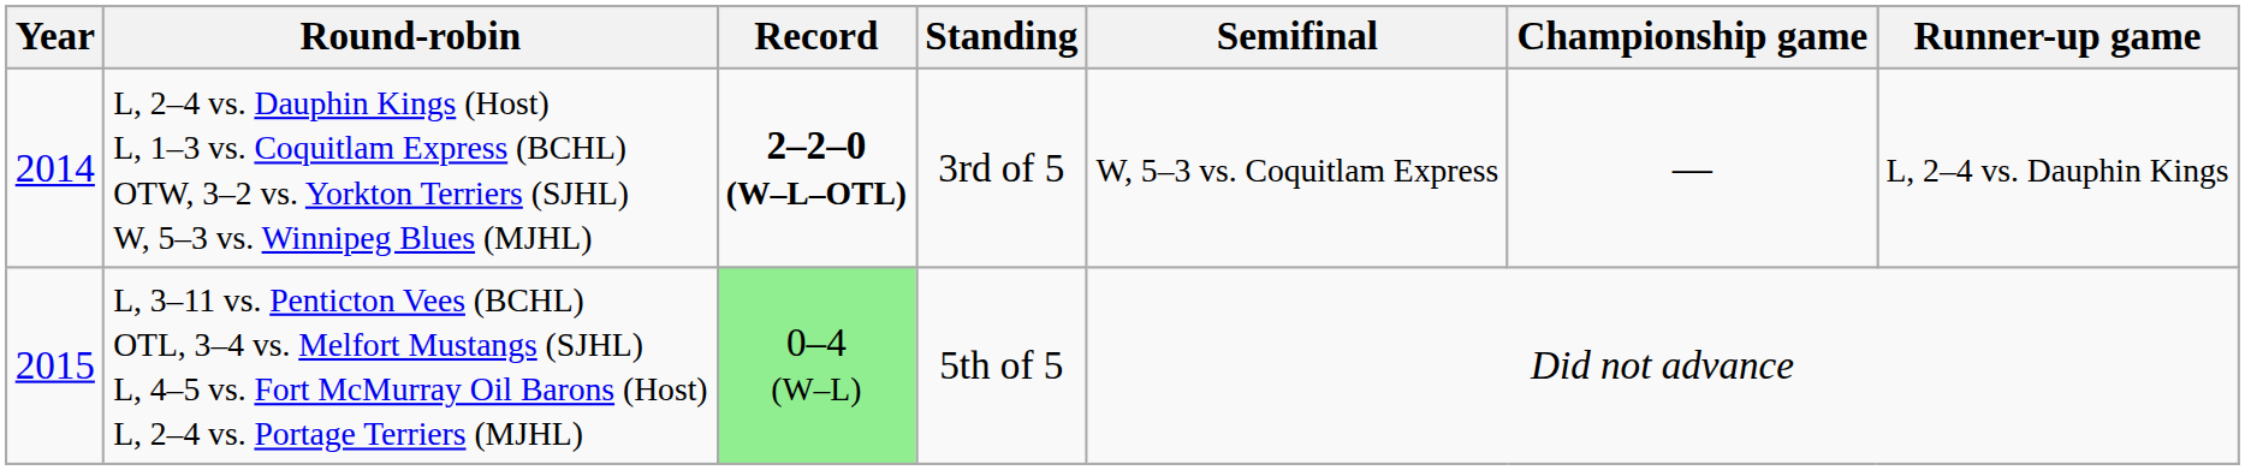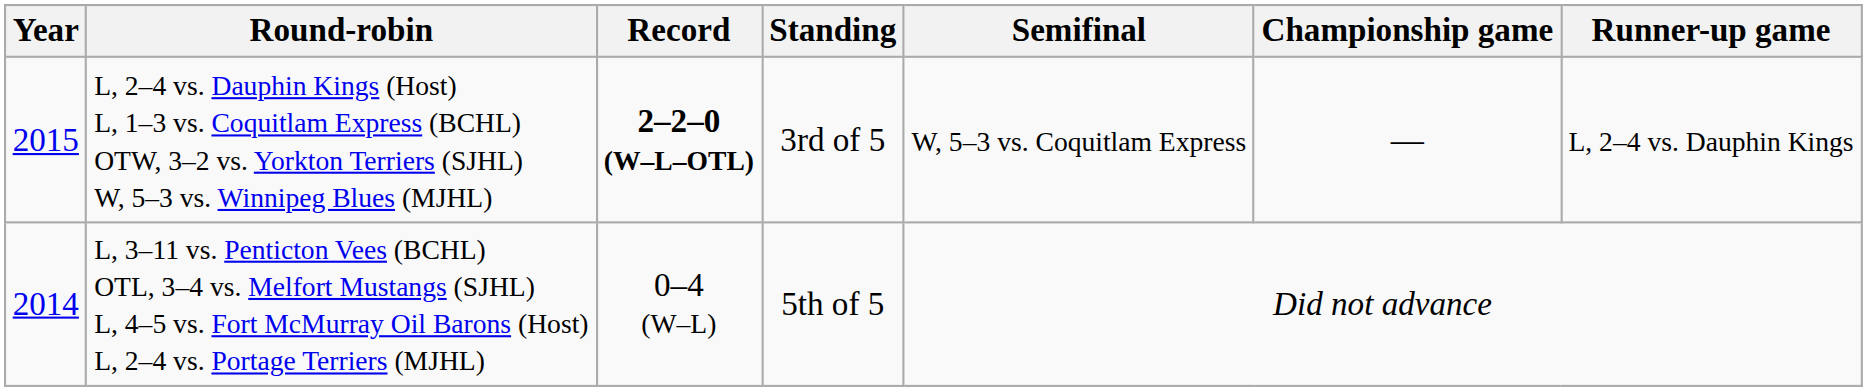 <table class="wikitable" style="text-align:center">
 <tr>
 <th>Year</th>
 <th>Round-robin</th>
 <th>Record</th>
 <th>Standing</th>
 <th>Semifinal</th>
 <th>Championship game</th>
 <th>Runner-up game</th>
 </tr>
 <tr>
-<td><a href='#'>2014</a></td>
+<td><a href='#'>2015</a></td>
 <td align=left><small>L, 2–4 vs. <a href='#'>Dauphin Kings</a> (Host)<br>L, 1–3 vs. <a href='#'>Coquitlam Express</a> (BCHL)<br>OTW, 3–2 vs. <a href='#'>Yorkton Terriers</a> (SJHL)<br>W, 5–3 vs. <a href='#'>Winnipeg Blues</a> (MJHL)</small></td>
 <td><strong>2–2–0<br><small>(W–L–OTL)</small></strong></td>
 <td>3rd of 5</td>
 <td><small>W, 5–3 vs. Coquitlam Express</small></td>
 <td>—</td>
 <td><small>L, 2–4 vs. Dauphin Kings</small></td>
 </tr>
 <tr>
-<td><a href='#'>2015</a></td>
+<td><a href='#'>2014</a></td>
 <td align=left><small>L, 3–11 vs. <a href='#'>Penticton Vees</a> (BCHL)<br>OTL, 3–4 vs. <a href='#'>Melfort Mustangs</a> (SJHL)<br>L, 4–5 vs. <a href='#'>Fort McMurray Oil Barons</a> (Host)<br>L, 2–4 vs. <a href='#'>Portage Terriers</a> (MJHL)</small></td>
-<td style="background: lightgreen;">0–4<br><small>(W–L)</small></td>
+<td>0–4<br><small>(W–L)</small></td>
 <td>5th of 5</td>
 <td colspan=3><em>Did not advance</em></td>
 </tr>
 </table>
